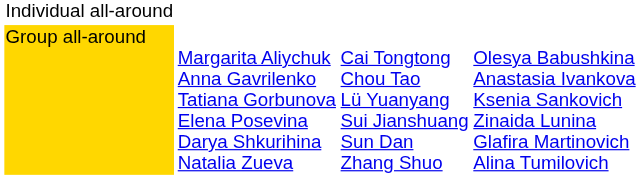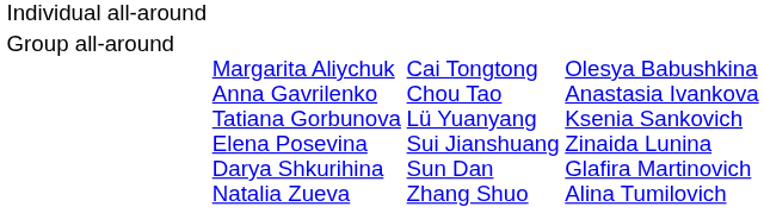 <table>
 <tr valign="top">
 <td>Individual all-around<br></td>
 <td nowrap></td>
 <td></td>
 <td></td>
 </tr>
 <tr valign="top">
-<td style="background: gold;">Group all-around<br></td>
+<td>Group all-around<br></td>
 <td><br><a href='#'>Margarita Aliychuk</a><br><a href='#'>Anna Gavrilenko</a><br><a href='#'>Tatiana Gorbunova</a><br><a href='#'>Elena Posevina</a><br><a href='#'>Darya Shkurihina</a><br><a href='#'>Natalia Zueva</a></td>
 <td><br><a href='#'>Cai Tongtong</a><br><a href='#'>Chou Tao</a><br><a href='#'>Lü Yuanyang</a><br><a href='#'>Sui Jianshuang</a><br><a href='#'>Sun Dan</a><br><a href='#'>Zhang Shuo</a></td>
 <td><br><a href='#'>Olesya Babushkina</a><br><a href='#'>Anastasia Ivankova</a><br><a href='#'>Ksenia Sankovich</a><br><a href='#'>Zinaida Lunina</a><br><a href='#'>Glafira Martinovich</a><br><a href='#'>Alina Tumilovich</a></td>
 </tr>
 </table>
